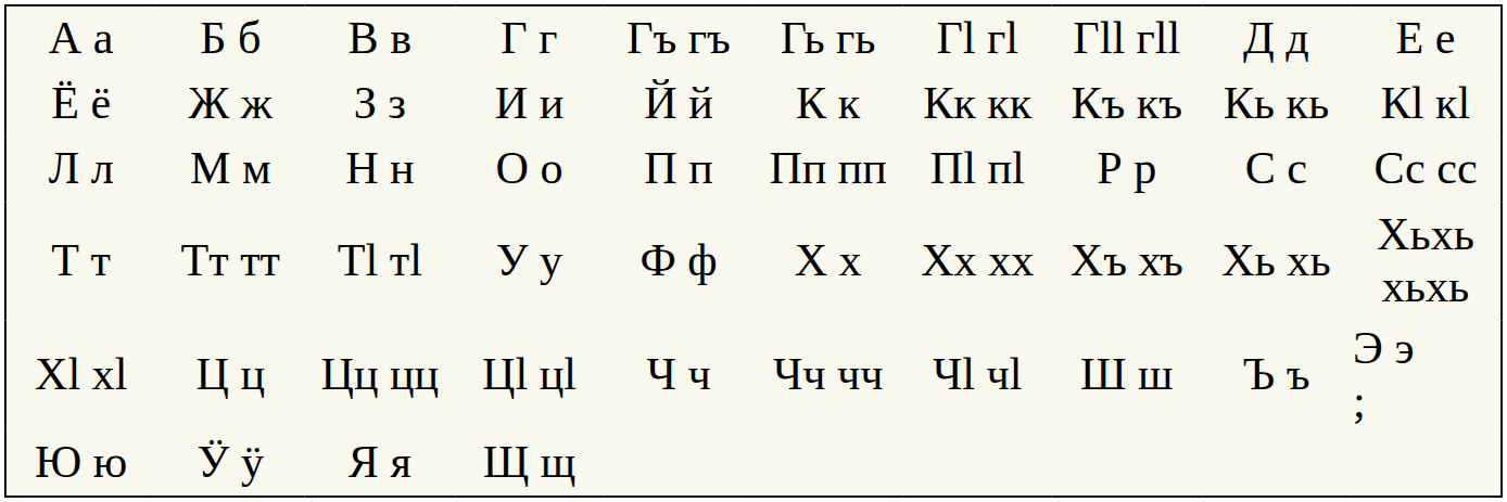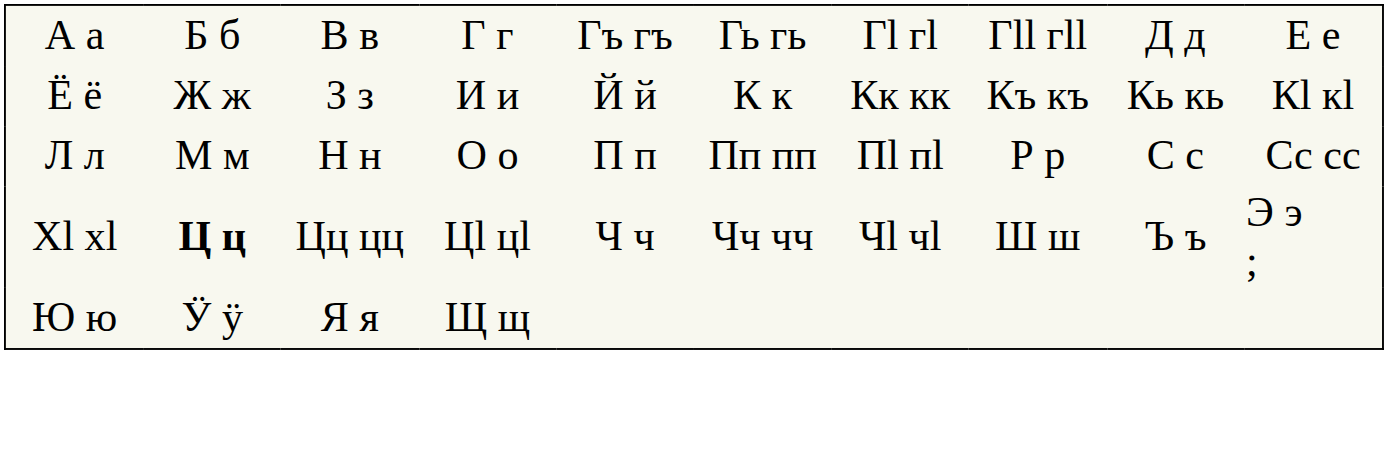 <table style="font-family:Arial Unicode MS; font-size:1.4em; border-color:#000000; border-width:1px; border-style:solid; border-collapse:collapse; background-color:#F8F8EF">
 <tr>
 <td style="width:3em; text-align:center; padding: 3px;">А а<br></td>
 <td style="width:3em; text-align:center; padding: 3px;">Б б<br></td>
 <td style="width:3em; text-align:center; padding: 3px;">В в<br></td>
 <td style="width:3em; text-align:center; padding: 3px;">Г г<br></td>
 <td style="width:3em; text-align:center; padding: 3px;">Гъ гъ<br></td>
 <td style="width:3em; text-align:center; padding: 3px;">Гь гь<br></td>
 <td style="width:3em; text-align:center; padding: 3px;">Гӏ гӏ<br></td>
 <td style="width:3em; text-align:center; padding: 3px;">Гӏӏ гӏӏ<br></td>
 <td style="width:3em; text-align:center; padding: 3px;">Д д<br></td>
 <td style="width:3em; text-align:center; padding: 3px;">Е е<br></td>
 </tr>
 <tr>
 <td style="width:3em; text-align:center; padding: 3px;">Ё ё<br></td>
 <td style="width:3em; text-align:center; padding: 3px;">Ж ж<br></td>
 <td style="width:3em; text-align:center; padding: 3px;">З з<br></td>
 <td style="width:3em; text-align:center; padding: 3px;">И и<br></td>
 <td style="width:3em; text-align:center; padding: 3px;">Й й<br></td>
 <td style="width:3em; text-align:center; padding: 3px;">К к<br></td>
 <td style="width:3em; text-align:center; padding: 3px;">Кк кк<br></td>
 <td style="width:3em; text-align:center; padding: 3px;">Къ къ<br></td>
 <td style="width:3em; text-align:center; padding: 3px;">Кь кь<br></td>
 <td style="width:3em; text-align:center; padding: 3px;">Кӏ кӏ<br></td>
 </tr>
 <tr>
 <td style="width:3em; text-align:center; padding: 3px;">Л л<br></td>
 <td style="width:3em; text-align:center; padding: 3px;">М м<br></td>
 <td style="width:3em; text-align:center; padding: 3px;">Н н<br></td>
 <td style="width:3em; text-align:center; padding: 3px;">О о<br></td>
 <td style="width:3em; text-align:center; padding: 3px;">П п<br></td>
 <td style="width:3em; text-align:center; padding: 3px;">Пп пп<br></td>
 <td style="width:3em; text-align:center; padding: 3px;">Пӏ пӏ<br></td>
 <td style="width:3em; text-align:center; padding: 3px;">Р р<br></td>
 <td style="width:3em; text-align:center; padding: 3px;">С с<br></td>
 <td style="width:3em; text-align:center; padding: 3px;">Сс сс<br></td>
 </tr>
 <tr>
-<td style="width:3em; text-align:center; padding: 3px;">Т т<br></td>
-<td style="width:3em; text-align:center; padding: 3px;">Тт тт<br></td>
-<td style="width:3em; text-align:center; padding: 3px;">Тӏ тӏ<br></td>
-<td style="width:3em; text-align:center; padding: 3px;">У у<br></td>
-<td style="width:3em; text-align:center; padding: 3px;">Ф ф<br></td>
-<td style="width:3em; text-align:center; padding: 3px;">Х х<br></td>
-<td style="width:3em; text-align:center; padding: 3px;">Хх хх<br></td>
-<td style="width:3em; text-align:center; padding: 3px;">Хъ хъ<br></td>
-<td style="width:3em; text-align:center; padding: 3px;">Хь хь<br></td>
-<td style="width:3em; text-align:center; padding: 3px;">Хьхь хьхь<br></td>
-</tr>
-<tr>
 <td style="width:3em; text-align:center; padding: 3px;">Хӏ хӏ<br></td>
-<td style="width:3em; text-align:center; padding: 3px;">Ц ц<br></td>
+<td style="width:3em; text-align:center; padding: 3px;"><strong>Ц ц<br></strong></td>
 <td style="width:3em; text-align:center; padding: 3px;">Цц цц<br></td>
 <td style="width:3em; text-align:center; padding: 3px;">Цӏ цӏ<br></td>
 <td style="width:3em; text-align:center; padding: 3px;">Ч ч<br></td>
 <td style="width:3em; text-align:center; padding: 3px;">Чч чч<br></td>
 <td style="width:3em; text-align:center; padding: 3px;">Чӏ чӏ<br></td>
 <td style="width:3em; text-align:center; padding: 3px;">Ш ш<br></td>
 <td style="width:3em; text-align:center; padding: 3px;">Ъ ъ<br></td>
 <td>Э э<br>; </td>
 </tr>
 <tr>
 <td style="width:3em; text-align:center; padding: 3px;">Ю ю<br></td>
 <td style="width:3em; text-align:center; padding: 3px;">Ӱ ӱ<br></td>
 <td style="width:3em; text-align:center; padding: 3px;">Я я<br></td>
 <td style="width:3em; text-align:center; padding: 3px;">Щ щ<br></td>
 <td></td>
 <td></td>
 <td></td>
 <td></td>
 <td></td>
 <td></td>
 </tr>
 </table>
